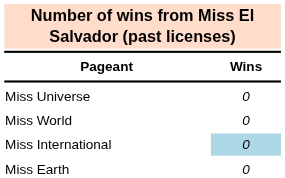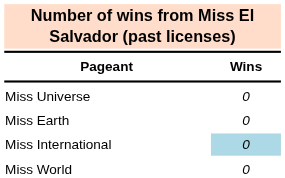 <table class="toccolours" style="width: 30em; float:right; margin-left:1em; font-size:80%; line-height:1.5em; width:30%;">
 <tr>
 <th colspan="2" style="text-align:center; background:#FFDDCA;"><big>Number of wins from Miss El Salvador (past licenses)</big></th>
 </tr>
 <tr>
 <td colspan="2" style="background:black"></td>
 </tr>
 <tr>
 <th scope="col">Pageant</th>
 <th scope="col">Wins</th>
 </tr>
 <tr>
 <td colspan="2" style="background:black"></td>
 </tr>
 <tr>
 <td style="text-align:left">Miss Universe</td>
 <td style="text-align:center"><em>0</em></td>
 </tr>
 <tr>
-<td style="text-align:left">Miss World</td>
+<td style="text-align:left">Miss Earth</td>
 <td style="text-align:center"><em>0</em></td>
 </tr>
 <tr>
 <td style="text-align:left">Miss International</td>
 <td style="background: lightblue; text-align:center"><em>0</em></td>
 </tr>
 <tr>
-<td style="text-align:left">Miss Earth</td>
+<td style="text-align:left">Miss World</td>
 <td style="text-align:center"><em>0</em></td>
 </tr>
 </table>
